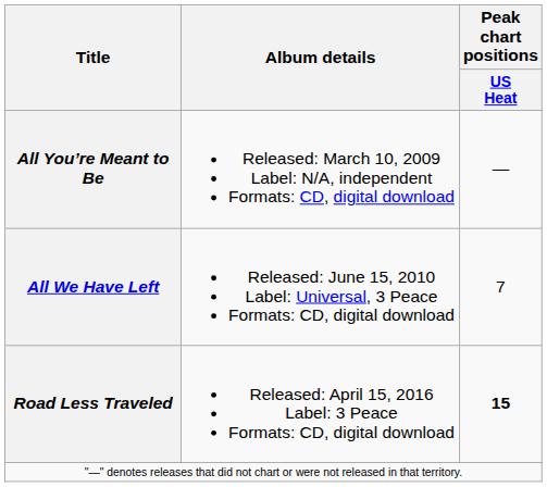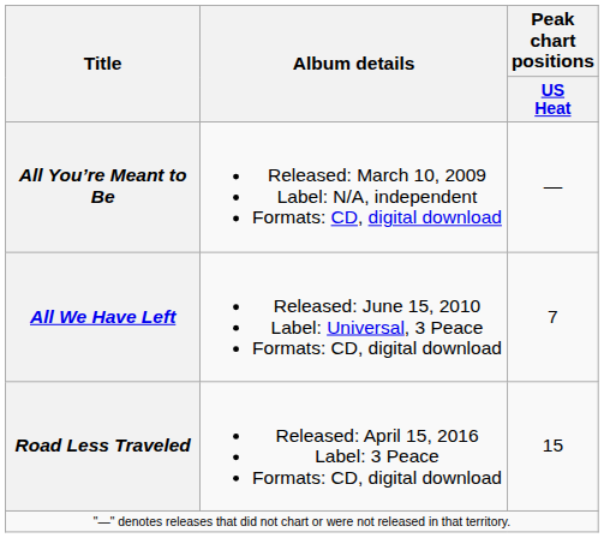 <table class="wikitable plainrowheaders" style="text-align:center;">
 <tr>
 <th scope="col" rowspan="2" style="width:10em;">Title</th>
 <th scope="col" rowspan="2" style="width:16em;">Album details</th>
 <th scope="col" colspan="1">Peak chart positions</th>
 </tr>
 <tr>
 <th scope="col" style="width:3em;font-size:90%;"><a href='#'>US<br>Heat</a><br></th>
 </tr>
 <tr>
 <th scope="row"><em>All You’re Meant to Be</em></th>
 <td><br><ul><li>Released: March 10, 2009</li><li>Label: N/A, independent</li><li>Formats: <a href='#'>CD</a>, <a href='#'>digital download</a></li></ul></td>
 <td>—</td>
 </tr>
 <tr>
 <th scope="row"><em><a href='#'>All We Have Left</a></em></th>
 <td><br><ul><li>Released: June 15, 2010</li><li>Label: <a href='#'>Universal</a>, 3 Peace</li><li>Formats: CD, digital download</li></ul></td>
 <td>7</td>
 </tr>
 <tr>
 <th scope="row"><em>Road Less Traveled</em></th>
 <td><br><ul><li>Released: April 15, 2016</li><li>Label: 3 Peace</li><li>Formats: CD, digital download</li></ul></td>
-<td><strong>15</strong></td>
+<td>15</td>
 </tr>
 <tr>
 <td align="center" colspan="3" style="font-size:8pt">"—" denotes releases that did not chart or were not released in that territory.</td>
 </tr>
 </table>
